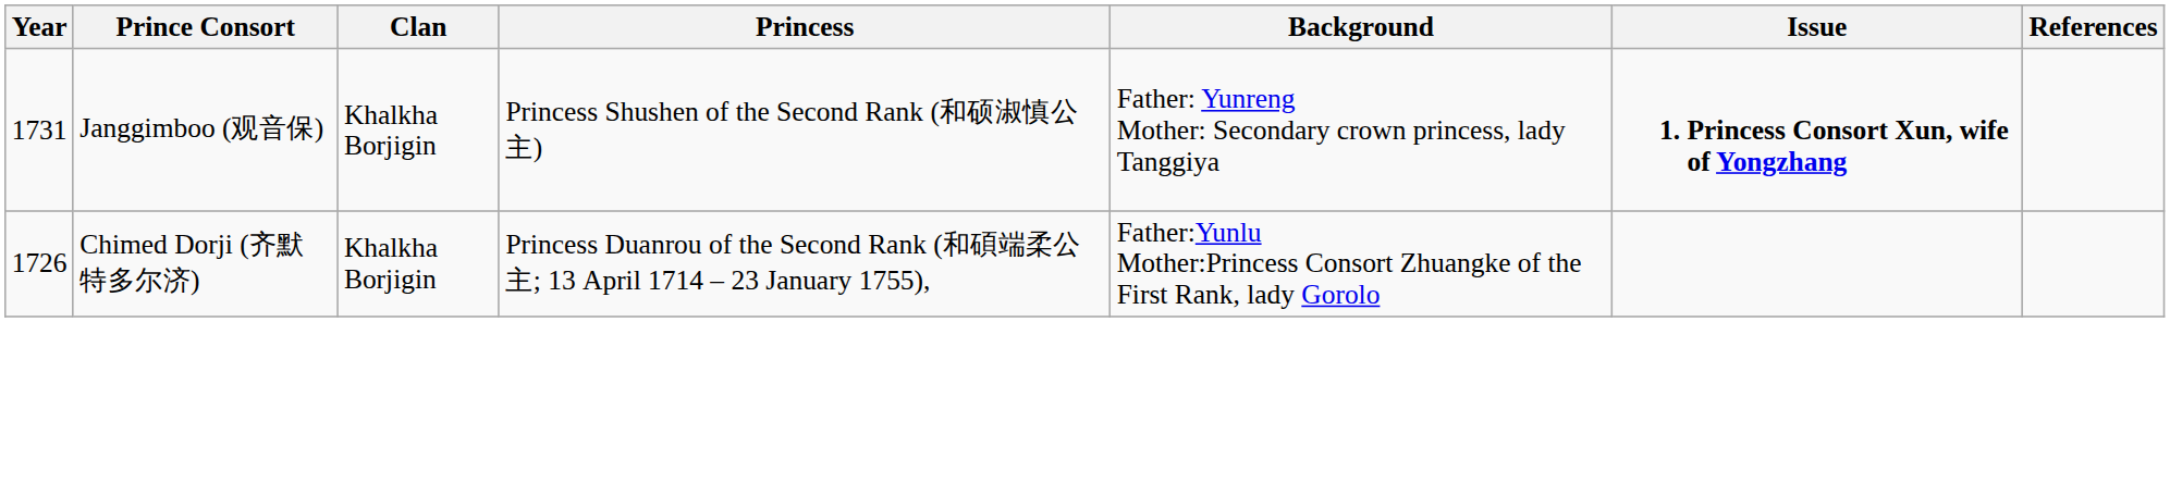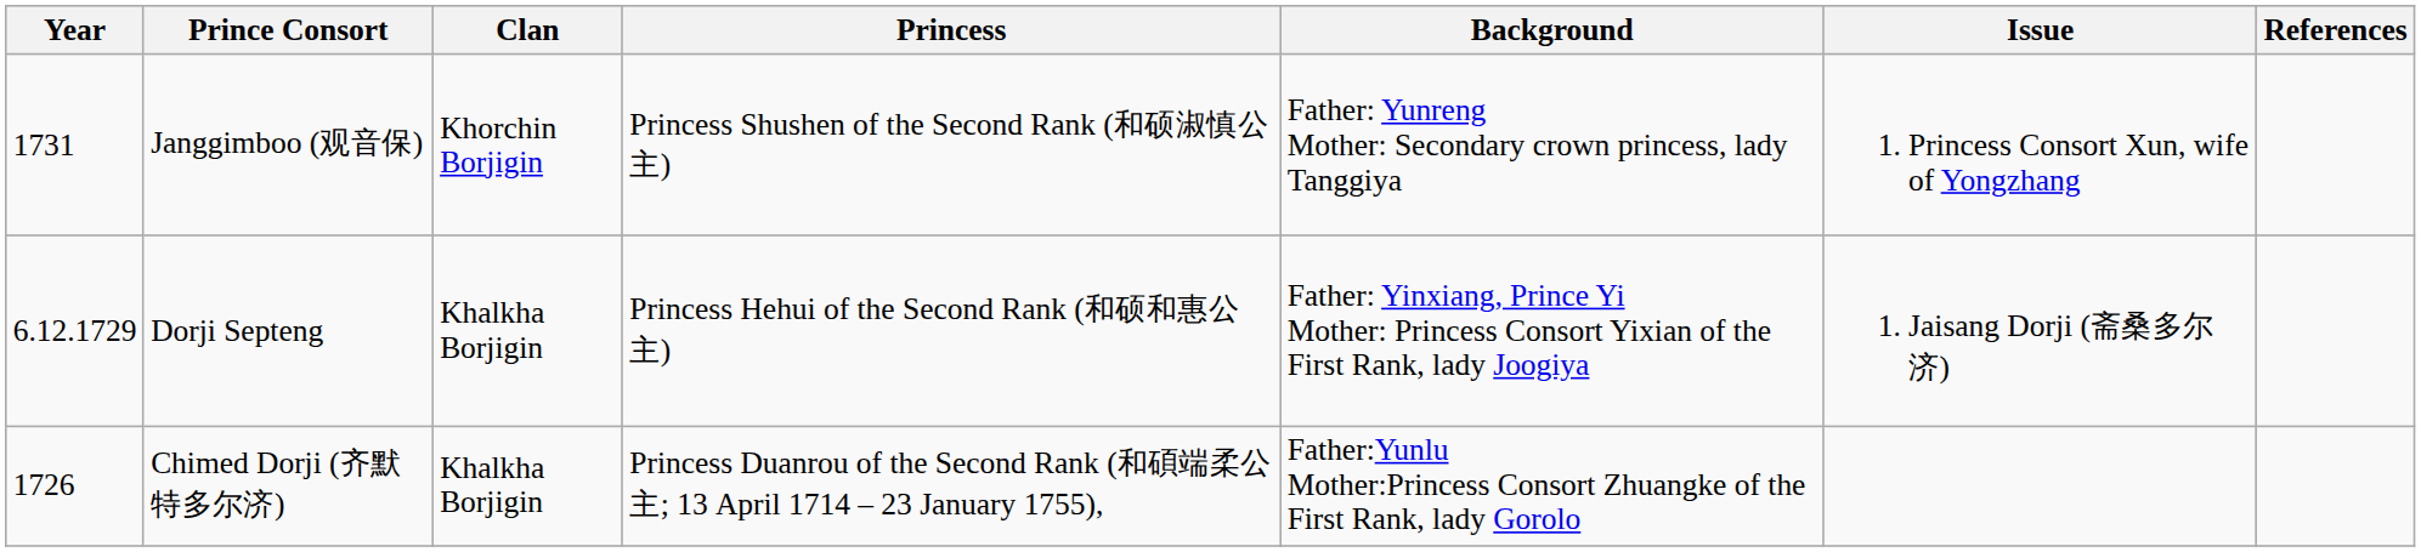 <table class="wikitable">
 <tr>
 <th>Year</th>
 <th>Prince Consort</th>
 <th>Clan</th>
 <th>Princess</th>
 <th>Background</th>
 <th>Issue</th>
 <th>References</th>
 </tr>
 <tr>
 <td>1731</td>
 <td>Janggimboo (观音保)</td>
-<td>Khalkha Borjigin</td>
+<td>Khorchin <a href='#'>Borjigin</a></td>
 <td>Princess Shushen of the Second Rank (和硕淑慎公主)</td>
 <td>Father: <a href='#'>Yunreng</a><br>Mother: Secondary crown princess, lady Tanggiya</td>
-<td><strong><br><ol><li>Princess Consort Xun, wife of <a href='#'>Yongzhang</a></li></ol></strong></td>
+<td><br><ol><li>Princess Consort Xun, wife of <a href='#'>Yongzhang</a></li></ol></td>
+<td></td>
+</tr>
+<tr>
+<td>6.12.1729</td>
+<td>Dorji Septeng</td>
+<td>Khalkha Borjigin</td>
+<td>Princess Hehui of the Second Rank (和硕和惠公主)</td>
+<td>Father: <a href='#'>Yinxiang, Prince Yi</a><br>Mother: Princess Consort Yixian of the First Rank, lady <a href='#'>Joogiya</a></td>
+<td><br><ol><li>Jaisang Dorji (斋桑多尔济)</li></ol></td>
 <td></td>
 </tr>
 <tr>
 <td>1726</td>
 <td>Chimed Dorji (齐默特多尔济)</td>
 <td>Khalkha Borjigin</td>
 <td>Princess Duanrou of the Second Rank (和碩端柔公主; 13 April 1714 – 23 January 1755),</td>
 <td>Father:<a href='#'>Yunlu</a><br>Mother:Princess Consort Zhuangke of the First Rank, lady <a href='#'>Gorolo</a></td>
 <td></td>
 <td></td>
 </tr>
 </table>
